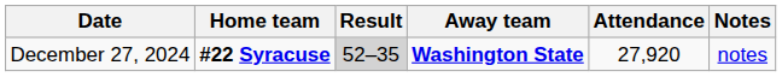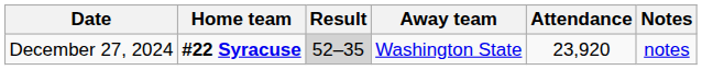 <table class="wikitable" style="text-align: center;">
 <tr>
 <th>Date</th>
 <th>Home team</th>
 <th>Result</th>
 <th>Away team</th>
 <th>Attendance</th>
 <th>Notes</th>
 </tr>
 <tr>
 <td>December 27, 2024</td>
 <td><strong>#22 <a href='#'>Syracuse</a></strong></td>
 <td style="background: lightgrey;">52–35</td>
-<td><strong><a href='#'>Washington State</a></strong></td>
-<td>27,920</td>
+<td><a href='#'>Washington State</a></td>
+<td>23,920</td>
 <td><a href='#'>notes</a></td>
 </tr>
 </table>
